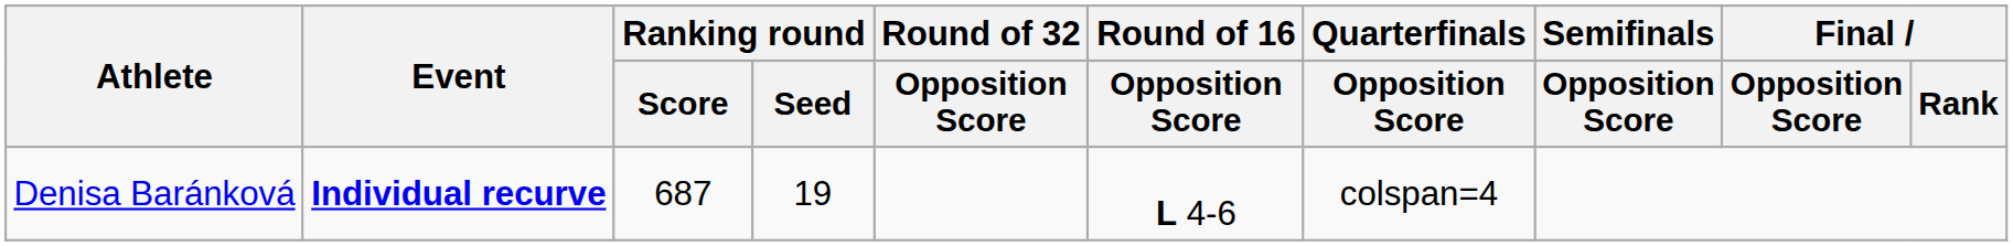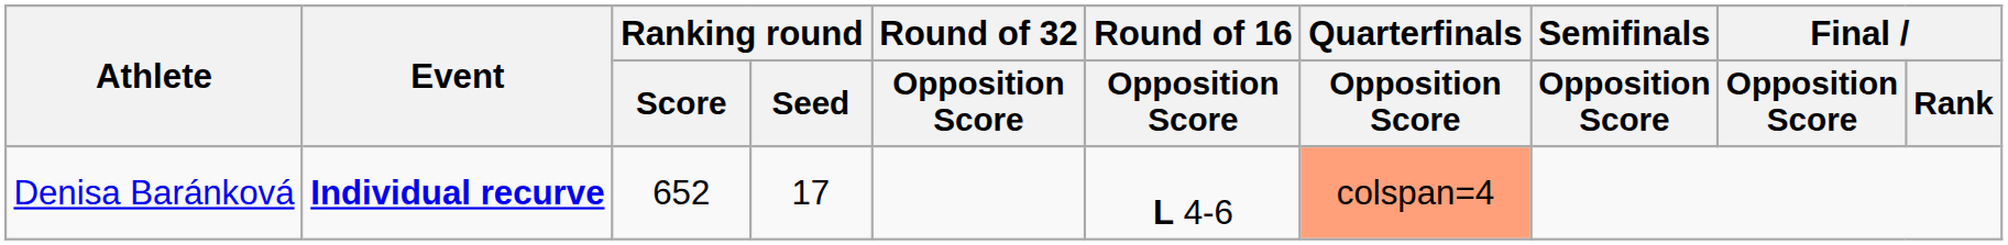 <table class="wikitable" style="font-size:90%">
 <tr>
 <th rowspan="2">Athlete</th>
 <th rowspan="2">Event</th>
 <th colspan="2">Ranking round</th>
 <th>Round of 32</th>
 <th>Round of 16</th>
 <th>Quarterfinals</th>
 <th>Semifinals</th>
 <th colspan="2">Final / </th>
 </tr>
 <tr style="font-size:95%">
 <th>Score</th>
 <th>Seed</th>
 <th>Opposition<br>Score</th>
 <th>Opposition<br>Score</th>
 <th>Opposition<br>Score</th>
 <th>Opposition<br>Score</th>
 <th>Opposition<br>Score</th>
 <th>Rank</th>
 </tr>
 <tr align=center>
 <td align=left><a href='#'>Denisa Baránková </a></td>
 <td align=left><strong><a href='#'>Individual recurve</a></strong></td>
-<td>687</td>
-<td>19</td>
+<td>652</td>
+<td>17</td>
 <td></td>
 <td><br><strong>L</strong> 4-6</td>
-<td>colspan=4 </td>
+<td style="background: lightsalmon;">colspan=4 </td>
 </tr>
 </table>
